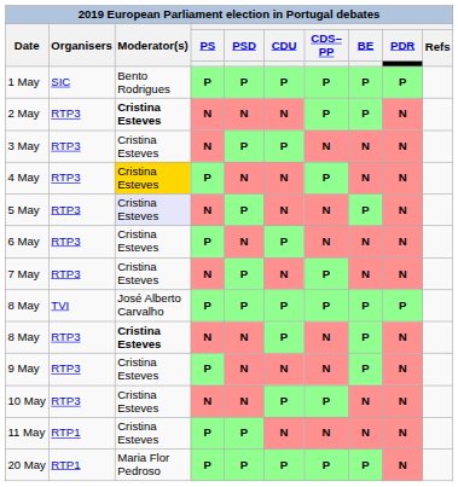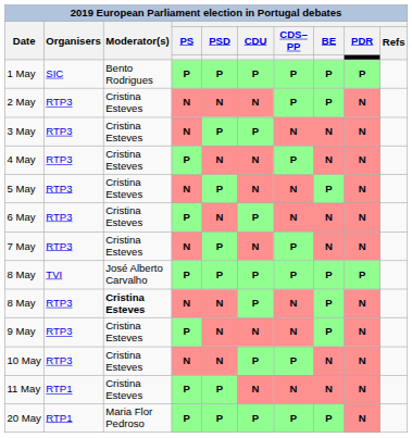 <table class="wikitable" style="font-size:98%; text-align:center;">
 <tr>
 <th style="background:#B0C4DE" colspan="22">2019 European Parliament election in Portugal debates</th>
 </tr>
 <tr>
 <th rowspan="3">Date</th>
 <th rowspan="3">Organisers</th>
 <th rowspan="3">Moderator(s)</th>
 <th colspan="19">      </th>
 </tr>
 <tr>
 <th scope="col" style="width:5em;"><a href='#'>PS</a></th>
 <th scope="col" style="width:5em;"><a href='#'>PSD</a></th>
 <th scope="col" style="width:5em;"><a href='#'>CDU</a></th>
 <th scope="col" style="width:5em;"><a href='#'>CDS–PP</a></th>
 <th scope="col" style="width:5em;"><a href='#'>BE</a></th>
 <th scope="col" style="width:5em;"><a href='#'>PDR</a></th>
 <th rowspan="2">Refs</th>
 </tr>
 <tr>
 <th style="color:inherit;background:"></th>
 <th style="color:inherit;background:"></th>
 <th style="color:inherit;background:"></th>
 <th style="color:inherit;background:"></th>
 <th style="color:inherit;background:"></th>
 <th style="color:inherit;background:black;"></th>
 </tr>
 <tr>
 <td style="white-space:nowrap; text-align:left;">1 May</td>
 <td style="white-space:nowrap; text-align:left;"><a href='#'>SIC</a></td>
 <td style="white-space:nowrap; text-align:left;">Bento<br>Rodrigues</td>
 <td style="background:#90FF90;"><strong>P</strong><br></td>
 <td style="background:#90FF90;"><strong>P</strong><br></td>
 <td style="background:#90FF90;"><strong>P</strong><br></td>
 <td style="background:#90FF90;"><strong>P</strong><br></td>
 <td style="background:#90FF90;"><strong>P</strong><br></td>
 <td style="background:#90FF90;"><strong>P</strong><br></td>
 <td></td>
 </tr>
 <tr>
 <td style="white-space:nowrap; text-align:left;">2 May</td>
 <td style="white-space:nowrap; text-align:left;"><a href='#'>RTP3</a></td>
-<td style="white-space:nowrap; text-align:left;"><strong>Cristina<br>Esteves</strong></td>
+<td style="white-space:nowrap; text-align:left;">Cristina<br>Esteves</td>
 <td style="background:#FF9090;"><strong>N</strong><br></td>
 <td style="background:#FF9090;"><strong>N</strong><br></td>
 <td style="background:#FF9090;"><strong>N</strong><br></td>
 <td style="background:#90FF90;"><strong>P</strong><br></td>
 <td style="background:#90FF90;"><strong>P</strong><br></td>
 <td style="background:#FF9090;"><strong>N</strong><br></td>
 <td></td>
 </tr>
 <tr>
 <td style="white-space:nowrap; text-align:left;">3 May</td>
 <td style="white-space:nowrap; text-align:left;"><a href='#'>RTP3</a></td>
 <td style="white-space:nowrap; text-align:left;">Cristina<br>Esteves</td>
 <td style="background:#FF9090;"><strong>N</strong><br></td>
 <td style="background:#90FF90;"><strong>P</strong><br></td>
 <td style="background:#90FF90;"><strong>P</strong><br></td>
 <td style="background:#FF9090;"><strong>N</strong><br></td>
 <td style="background:#FF9090;"><strong>N</strong><br></td>
 <td style="background:#FF9090;"><strong>N</strong><br></td>
 <td></td>
 </tr>
 <tr>
 <td style="white-space:nowrap; text-align:left;">4 May</td>
 <td style="white-space:nowrap; text-align:left;"><a href='#'>RTP3</a></td>
-<td style="background: gold; white-space:nowrap; text-align:left;">Cristina<br>Esteves</td>
+<td style="white-space:nowrap; text-align:left;">Cristina<br>Esteves</td>
 <td style="background:#90FF90;"><strong>P</strong><br></td>
 <td style="background:#FF9090;"><strong>N</strong><br></td>
 <td style="background:#FF9090;"><strong>N</strong><br></td>
 <td style="background:#90FF90;"><strong>P</strong><br></td>
 <td style="background:#FF9090;"><strong>N</strong><br></td>
 <td style="background:#FF9090;"><strong>N</strong><br></td>
 <td></td>
 </tr>
 <tr>
 <td style="white-space:nowrap; text-align:left;">5 May</td>
 <td style="white-space:nowrap; text-align:left;"><a href='#'>RTP3</a></td>
-<td style="background: lavender; white-space:nowrap; text-align:left;">Cristina<br>Esteves</td>
+<td style="white-space:nowrap; text-align:left;">Cristina<br>Esteves</td>
 <td style="background:#FF9090;"><strong>N</strong><br></td>
 <td style="background:#90FF90;"><strong>P</strong><br></td>
 <td style="background:#FF9090;"><strong>N</strong><br></td>
 <td style="background:#FF9090;"><strong>N</strong><br></td>
 <td style="background:#90FF90;"><strong>P</strong><br></td>
 <td style="background:#FF9090;"><strong>N</strong><br></td>
 <td></td>
 </tr>
 <tr>
 <td style="white-space:nowrap; text-align:left;">6 May</td>
 <td style="white-space:nowrap; text-align:left;"><a href='#'>RTP3</a></td>
 <td style="white-space:nowrap; text-align:left;">Cristina<br>Esteves</td>
 <td style="background:#90FF90;"><strong>P</strong><br></td>
 <td style="background:#FF9090;"><strong>N</strong><br></td>
 <td style="background:#90FF90;"><strong>P</strong><br></td>
 <td style="background:#FF9090;"><strong>N</strong><br></td>
 <td style="background:#FF9090;"><strong>N</strong><br></td>
 <td style="background:#FF9090;"><strong>N</strong><br></td>
 <td></td>
 </tr>
 <tr>
 <td style="white-space:nowrap; text-align:left;">7 May</td>
 <td style="white-space:nowrap; text-align:left;"><a href='#'>RTP3</a></td>
 <td style="white-space:nowrap; text-align:left;">Cristina<br>Esteves</td>
 <td style="background:#FF9090;"><strong>N</strong><br></td>
 <td style="background:#90FF90;"><strong>P</strong><br></td>
 <td style="background:#FF9090;"><strong>N</strong><br></td>
 <td style="background:#90FF90;"><strong>P</strong><br></td>
 <td style="background:#FF9090;"><strong>N</strong><br></td>
 <td style="background:#FF9090;"><strong>N</strong><br></td>
 </tr>
 <tr>
 <td style="white-space:nowrap; text-align:left;">8 May</td>
 <td style="white-space:nowrap; text-align:left;"><a href='#'>TVI</a></td>
 <td style="white-space:nowrap; text-align:left;">José Alberto<br>Carvalho</td>
 <td style="background:#90FF90;"><strong>P</strong><br></td>
 <td style="background:#90FF90;"><strong>P</strong><br></td>
 <td style="background:#90FF90;"><strong>P</strong><br></td>
 <td style="background:#90FF90;"><strong>P</strong><br></td>
 <td style="background:#90FF90;"><strong>P</strong><br></td>
 <td style="background:#90FF90;"><strong>P</strong><br></td>
 <td></td>
 </tr>
 <tr>
 <td style="white-space:nowrap; text-align:left;">8 May</td>
 <td style="white-space:nowrap; text-align:left;"><a href='#'>RTP3</a></td>
 <td style="white-space:nowrap; text-align:left;"><strong>Cristina<br>Esteves</strong></td>
 <td style="background:#FF9090;"><strong>N</strong><br></td>
 <td style="background:#FF9090;"><strong>N</strong><br></td>
 <td style="background:#90FF90;"><strong>P</strong><br></td>
 <td style="background:#FF9090;"><strong>N</strong><br></td>
 <td style="background:#90FF90;"><strong>P</strong><br></td>
 <td style="background:#FF9090;"><strong>N</strong><br></td>
 <td></td>
 </tr>
 <tr>
 <td style="white-space:nowrap; text-align:left;">9 May</td>
 <td style="white-space:nowrap; text-align:left;"><a href='#'>RTP3</a></td>
 <td style="white-space:nowrap; text-align:left;">Cristina<br>Esteves</td>
 <td style="background:#90FF90;"><strong>P</strong><br></td>
 <td style="background:#FF9090;"><strong>N</strong><br></td>
 <td style="background:#FF9090;"><strong>N</strong><br></td>
 <td style="background:#FF9090;"><strong>N</strong><br></td>
 <td style="background:#90FF90;"><strong>P</strong><br></td>
 <td style="background:#FF9090;"><strong>N</strong><br></td>
 <td></td>
 </tr>
 <tr>
 <td style="white-space:nowrap; text-align:left;">10 May</td>
 <td style="white-space:nowrap; text-align:left;"><a href='#'>RTP3</a></td>
 <td style="white-space:nowrap; text-align:left;">Cristina<br>Esteves</td>
 <td style="background:#FF9090;"><strong>N</strong><br></td>
 <td style="background:#FF9090;"><strong>N</strong><br></td>
 <td style="background:#90FF90;"><strong>P</strong><br></td>
 <td style="background:#90FF90;"><strong>P</strong><br></td>
 <td style="background:#FF9090;"><strong>N</strong><br></td>
 <td style="background:#FF9090;"><strong>N</strong><br></td>
 <td></td>
 </tr>
 <tr>
 <td style="white-space:nowrap; text-align:left;">11 May</td>
 <td style="white-space:nowrap; text-align:left;"><a href='#'>RTP1</a></td>
 <td style="white-space:nowrap; text-align:left;">Cristina<br>Esteves</td>
 <td style="background:#90FF90;"><strong>P</strong><br></td>
 <td style="background:#90FF90;"><strong>P</strong><br></td>
 <td style="background:#FF9090;"><strong>N</strong><br></td>
 <td style="background:#FF9090;"><strong>N</strong><br></td>
 <td style="background:#FF9090;"><strong>N</strong><br></td>
 <td style="background:#FF9090;"><strong>N</strong><br></td>
 <td></td>
 </tr>
 <tr>
 <td style="white-space:nowrap; text-align:left;">20 May</td>
 <td style="white-space:nowrap; text-align:left;"><a href='#'>RTP1</a></td>
 <td style="white-space:nowrap; text-align:left;">Maria Flor<br>Pedroso</td>
 <td style="background:#90FF90;"><strong>P</strong><br></td>
 <td style="background:#90FF90;"><strong>P</strong><br></td>
 <td style="background:#90FF90;"><strong>P</strong><br></td>
 <td style="background:#90FF90;"><strong>P</strong><br></td>
 <td style="background:#90FF90;"><strong>P</strong><br></td>
 <td style="background:#FF9090;"><strong>N</strong><br></td>
 <td></td>
 </tr>
 </table>
